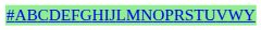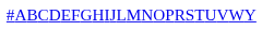 <table id="toc" class="toc" summary="Class">
 <tr>
 <th></th>
 </tr>
 <tr>
-<td style="background: lightgreen; text-align:center;"><a href='#'>#</a><a href='#'>A</a><a href='#'>B</a><a href='#'>C</a><a href='#'>D</a><a href='#'>E</a><a href='#'>F</a><a href='#'>G</a><a href='#'>H</a><a href='#'>I</a><a href='#'>J</a><a href='#'>L</a><a href='#'>M</a><a href='#'>N</a><a href='#'>O</a><a href='#'>P</a><a href='#'>R</a><a href='#'>S</a><a href='#'>T</a><a href='#'>U</a><a href='#'>V</a><a href='#'>W</a><a href='#'>Y</a></td>
+<td style="text-align:center;"><a href='#'>#</a><a href='#'>A</a><a href='#'>B</a><a href='#'>C</a><a href='#'>D</a><a href='#'>E</a><a href='#'>F</a><a href='#'>G</a><a href='#'>H</a><a href='#'>I</a><a href='#'>J</a><a href='#'>L</a><a href='#'>M</a><a href='#'>N</a><a href='#'>O</a><a href='#'>P</a><a href='#'>R</a><a href='#'>S</a><a href='#'>T</a><a href='#'>U</a><a href='#'>V</a><a href='#'>W</a><a href='#'>Y</a></td>
 </tr>
 </table>
